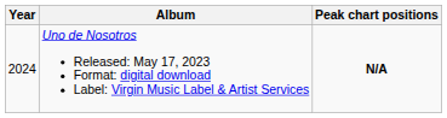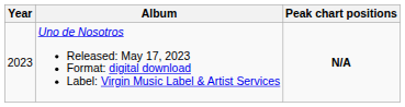 <table class="wikitable" style="text-align:center;">
 <tr>
 <th rowspan="1">Year</th>
 <th rowspan="1">Album</th>
 <th colspan="1">Peak chart positions</th>
 </tr>
 <tr>
-<td>2024</td>
+<td>2023</td>
 <td align="left"><em><a href='#'>Uno de Nosotros</a></em><br><ul><li>Released: May 17, 2023</li><li>Format: <a href='#'>digital download</a></li><li>Label: <a href='#'>Virgin Music Label & Artist Services</a></li></ul></td>
 <td><strong>N/A</strong></td>
 </tr>
 </table>
